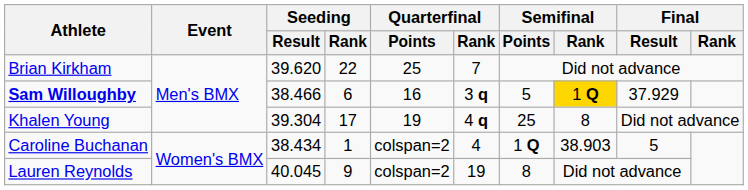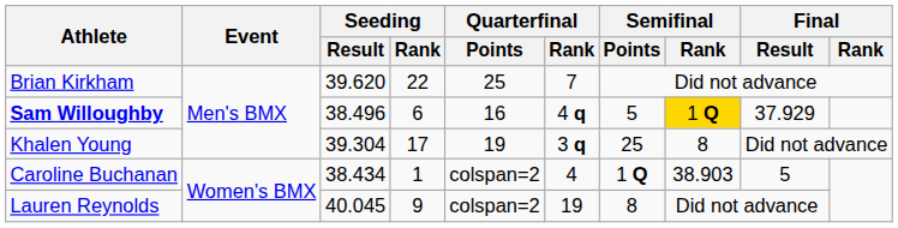 <table class="wikitable" style="font-size:90%">
 <tr>
 <th rowspan="2">Athlete</th>
 <th rowspan="2">Event</th>
 <th colspan="2">Seeding</th>
 <th colspan="2">Quarterfinal</th>
 <th colspan="2">Semifinal</th>
 <th colspan="2">Final</th>
 </tr>
 <tr style="font-size:95%">
 <th>Result</th>
 <th>Rank</th>
 <th>Points</th>
 <th>Rank</th>
 <th>Points</th>
 <th>Rank</th>
 <th>Result</th>
 <th>Rank</th>
 </tr>
 <tr align=center>
 <td align=left><a href='#'>Brian Kirkham</a></td>
 <td align=left rowspan=3><a href='#'>Men's BMX</a></td>
 <td>39.620</td>
 <td>22</td>
 <td>25</td>
 <td>7</td>
 <td colspan=4>Did not advance</td>
 </tr>
 <tr align=center>
 <td align=left><strong><a href='#'>Sam Willoughby</a></strong></td>
-<td>38.466</td>
+<td>38.496</td>
 <td>6</td>
 <td>16</td>
-<td>3 <strong>q</strong></td>
+<td>4 <strong>q</strong></td>
 <td>5</td>
 <td style="background: gold;">1 <strong>Q</strong></td>
 <td>37.929</td>
 <td></td>
 </tr>
 <tr align=center>
 <td align=left><a href='#'>Khalen Young</a></td>
 <td>39.304</td>
 <td>17</td>
 <td>19</td>
-<td>4 <strong>q</strong></td>
+<td>3 <strong>q</strong></td>
 <td>25</td>
 <td>8</td>
 <td colspan=2>Did not advance</td>
 </tr>
 <tr align=center>
 <td align=left><a href='#'>Caroline Buchanan</a></td>
 <td align=left rowspan=2><a href='#'>Women's BMX</a></td>
 <td>38.434</td>
 <td>1</td>
 <td>colspan=2 </td>
 <td>4</td>
 <td>1 <strong>Q</strong></td>
 <td>38.903</td>
 <td>5</td>
 </tr>
 <tr align=center>
 <td align=left><a href='#'>Lauren Reynolds</a></td>
 <td>40.045</td>
 <td>9</td>
 <td>colspan=2 </td>
 <td>19</td>
 <td>8</td>
 <td colspan=2>Did not advance</td>
 </tr>
 </table>
